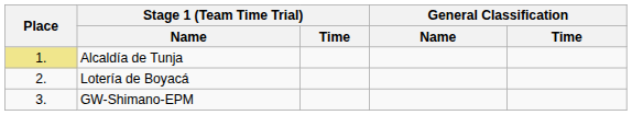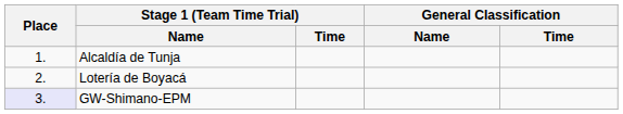 <table class=wikitable style="font-size:95%" width="80%">
 <tr>
 <th rowspan="2">Place</th>
 <th colspan="2">Stage 1 (Team Time Trial)</th>
 <th colspan="2">General Classification</th>
 </tr>
 <tr>
 <th>Name</th>
 <th>Time</th>
 <th>Name</th>
 <th>Time</th>
 </tr>
 <tr>
-<td align="center" style="background: khaki;">1.</td>
+<td align="center">1.</td>
 <td>Alcaldía de Tunja</td>
 <td></td>
 <td></td>
 <td></td>
 </tr>
 <tr>
 <td align="center">2.</td>
 <td>Lotería de Boyacá</td>
 <td></td>
 <td></td>
 <td></td>
 </tr>
 <tr>
-<td align="center">3.</td>
+<td align="center" style="background: lavender;">3.</td>
 <td>GW-Shimano-EPM</td>
 <td></td>
 <td></td>
 <td></td>
 </tr>
 </table>
